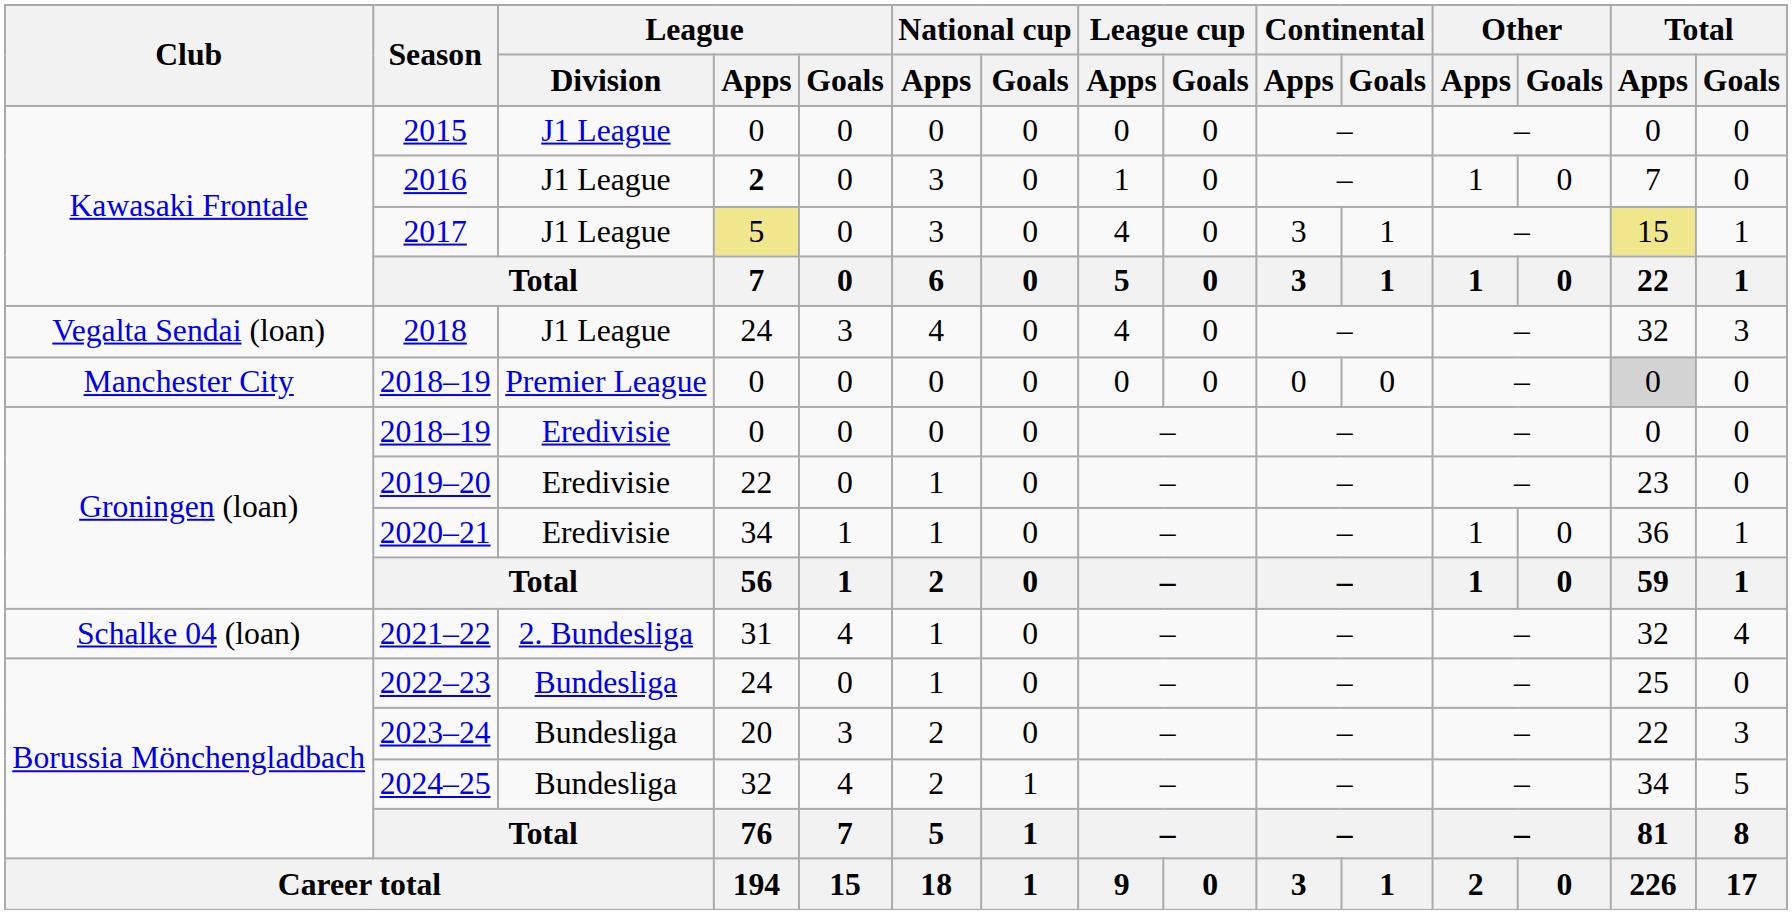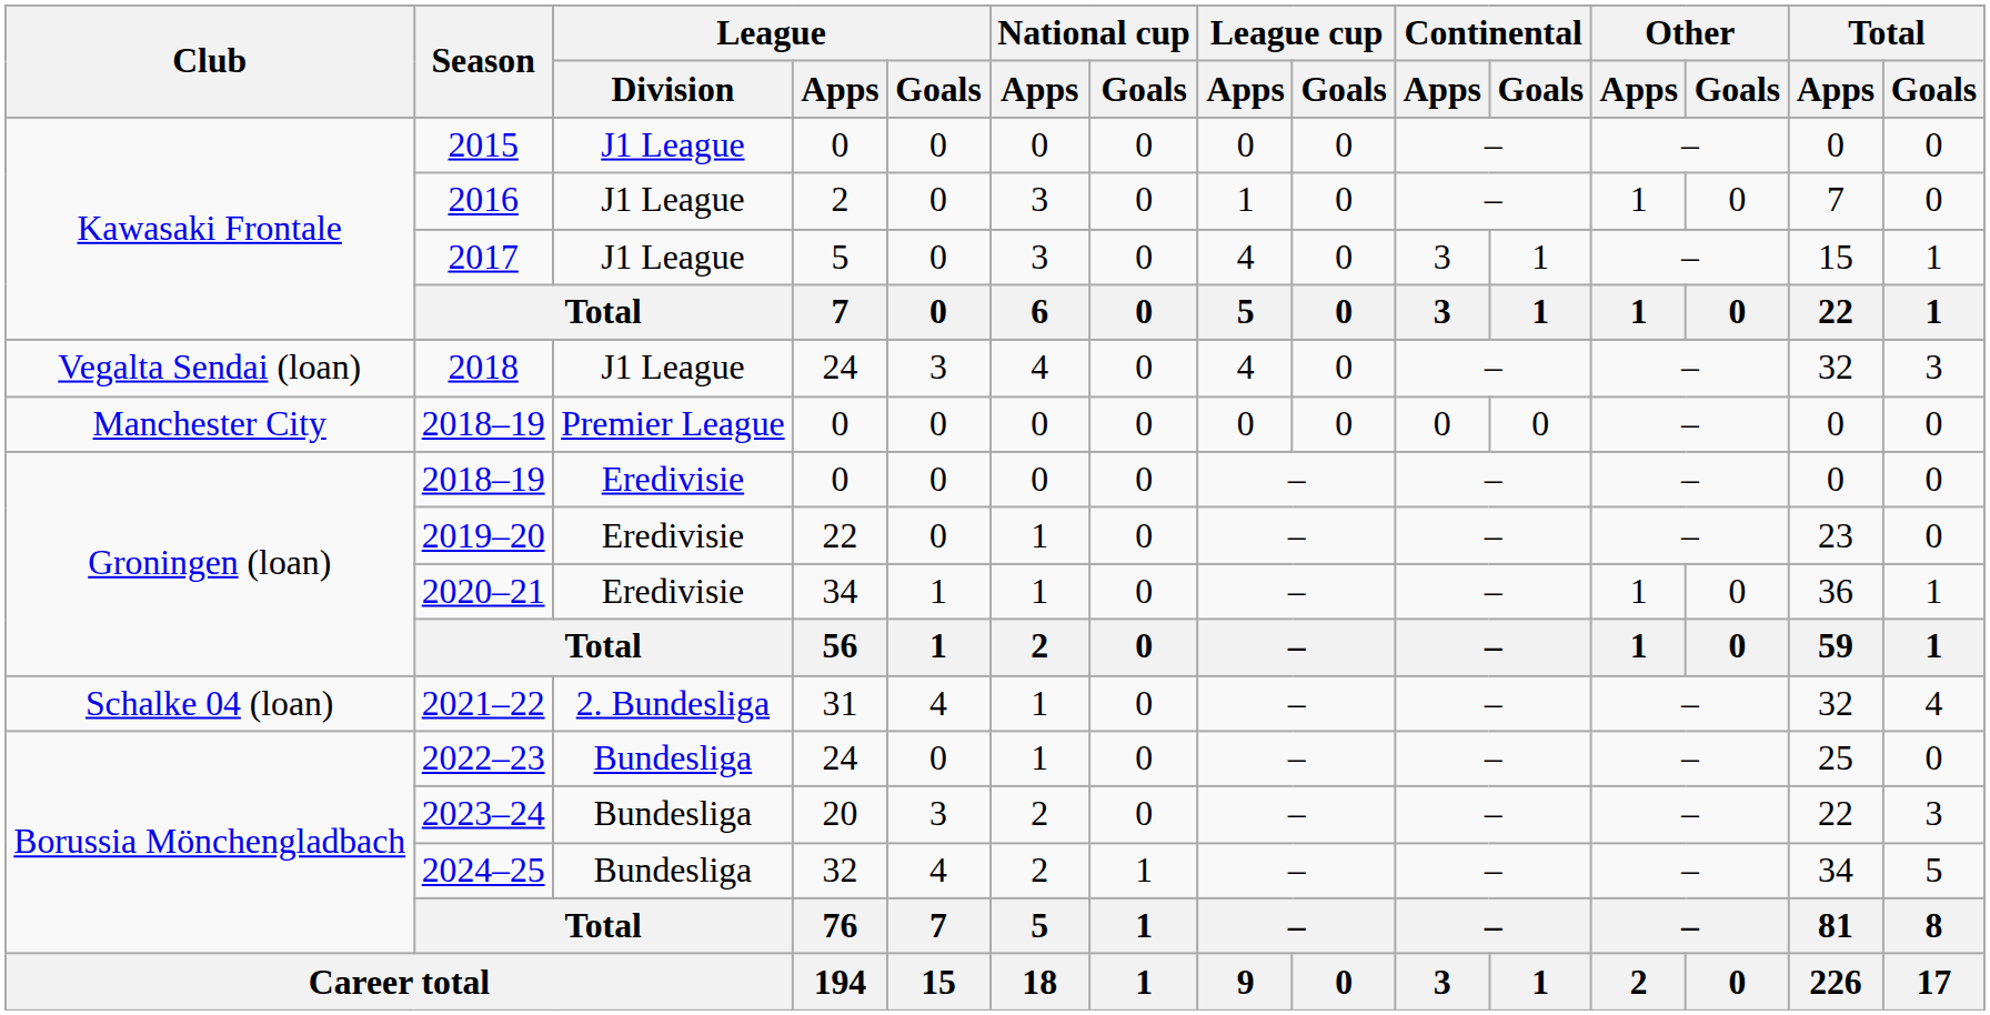 <table class="wikitable" style="text-align: center;">
 <tr>
 <th rowspan=2>Club</th>
 <th rowspan=2>Season</th>
 <th colspan=3>League</th>
 <th colspan=2>National cup</th>
 <th colspan=2>League cup</th>
 <th colspan=2>Continental</th>
 <th colspan=2>Other</th>
 <th colspan=2>Total</th>
 </tr>
 <tr>
 <th>Division</th>
 <th>Apps</th>
 <th>Goals</th>
 <th>Apps</th>
 <th>Goals</th>
 <th>Apps</th>
 <th>Goals</th>
 <th>Apps</th>
 <th>Goals</th>
 <th>Apps</th>
 <th>Goals</th>
 <th>Apps</th>
 <th>Goals</th>
 </tr>
 <tr>
 <td rowspan="4"><a href='#'>Kawasaki Frontale</a></td>
 <td><a href='#'>2015</a></td>
 <td><a href='#'>J1 League</a></td>
 <td>0</td>
 <td>0</td>
 <td>0</td>
 <td>0</td>
 <td>0</td>
 <td>0</td>
 <td colspan=2>–</td>
 <td colspan=2>–</td>
 <td>0</td>
 <td>0</td>
 </tr>
 <tr>
 <td><a href='#'>2016</a></td>
 <td>J1 League</td>
-<td><strong>2</strong></td>
+<td>2</td>
 <td>0</td>
 <td>3</td>
 <td>0</td>
 <td>1</td>
 <td>0</td>
 <td colspan=2>–</td>
 <td>1</td>
 <td>0</td>
 <td>7</td>
 <td>0</td>
 </tr>
 <tr>
 <td><a href='#'>2017</a></td>
 <td>J1 League</td>
-<td style="background: khaki;">5</td>
+<td>5</td>
 <td>0</td>
 <td>3</td>
 <td>0</td>
 <td>4</td>
 <td>0</td>
 <td>3</td>
 <td>1</td>
 <td colspan=2>–</td>
-<td style="background: khaki;">15</td>
+<td>15</td>
 <td>1</td>
 </tr>
 <tr>
 <th colspan=2>Total</th>
 <th>7</th>
 <th>0</th>
 <th>6</th>
 <th>0</th>
 <th>5</th>
 <th>0</th>
 <th>3</th>
 <th>1</th>
 <th>1</th>
 <th>0</th>
 <th>22</th>
 <th>1</th>
 </tr>
 <tr>
 <td><a href='#'>Vegalta Sendai</a> (loan)</td>
 <td><a href='#'>2018</a></td>
 <td>J1 League</td>
 <td>24</td>
 <td>3</td>
 <td>4</td>
 <td>0</td>
 <td>4</td>
 <td>0</td>
 <td colspan=2>–</td>
 <td colspan=2>–</td>
 <td>32</td>
 <td>3</td>
 </tr>
 <tr>
 <td><a href='#'>Manchester City</a></td>
 <td><a href='#'>2018–19</a></td>
 <td><a href='#'>Premier League</a></td>
 <td>0</td>
 <td>0</td>
 <td>0</td>
 <td>0</td>
 <td>0</td>
 <td>0</td>
 <td>0</td>
 <td>0</td>
 <td colspan=2>–</td>
-<td style="background: lightgrey;">0</td>
+<td>0</td>
 <td>0</td>
 </tr>
 <tr>
 <td rowspan="4"><a href='#'>Groningen</a> (loan)</td>
 <td><a href='#'>2018–19</a></td>
 <td><a href='#'>Eredivisie</a></td>
 <td>0</td>
 <td>0</td>
 <td>0</td>
 <td>0</td>
 <td colspan=2>–</td>
 <td colspan=2>–</td>
 <td colspan=2>–</td>
 <td>0</td>
 <td>0</td>
 </tr>
 <tr>
 <td><a href='#'>2019–20</a></td>
 <td>Eredivisie</td>
 <td>22</td>
 <td>0</td>
 <td>1</td>
 <td>0</td>
 <td colspan=2>–</td>
 <td colspan=2>–</td>
 <td colspan=2>–</td>
 <td>23</td>
 <td>0</td>
 </tr>
 <tr>
 <td><a href='#'>2020–21</a></td>
 <td>Eredivisie</td>
 <td>34</td>
 <td>1</td>
 <td>1</td>
 <td>0</td>
 <td colspan=2>–</td>
 <td colspan=2>–</td>
 <td>1</td>
 <td>0</td>
 <td>36</td>
 <td>1</td>
 </tr>
 <tr>
 <th colspan=2>Total</th>
 <th>56</th>
 <th>1</th>
 <th>2</th>
 <th>0</th>
 <th colspan=2>–</th>
 <th colspan=2>–</th>
 <th>1</th>
 <th>0</th>
 <th>59</th>
 <th>1</th>
 </tr>
 <tr>
 <td><a href='#'>Schalke 04</a> (loan)</td>
 <td><a href='#'>2021–22</a></td>
 <td><a href='#'>2. Bundesliga</a></td>
 <td>31</td>
 <td>4</td>
 <td>1</td>
 <td>0</td>
 <td colspan=2>–</td>
 <td colspan=2>–</td>
 <td colspan=2>–</td>
 <td>32</td>
 <td>4</td>
 </tr>
 <tr>
 <td rowspan="4"><a href='#'>Borussia Mönchengladbach</a></td>
 <td><a href='#'>2022–23</a></td>
 <td><a href='#'>Bundesliga</a></td>
 <td>24</td>
 <td>0</td>
 <td>1</td>
 <td>0</td>
 <td colspan=2>–</td>
 <td colspan=2>–</td>
 <td colspan=2>–</td>
 <td>25</td>
 <td>0</td>
 </tr>
 <tr>
 <td><a href='#'>2023–24</a></td>
 <td>Bundesliga</td>
 <td>20</td>
 <td>3</td>
 <td>2</td>
 <td>0</td>
 <td colspan=2>–</td>
 <td colspan=2>–</td>
 <td colspan=2>–</td>
 <td>22</td>
 <td>3</td>
 </tr>
 <tr>
 <td><a href='#'>2024–25</a></td>
 <td>Bundesliga</td>
 <td>32</td>
 <td>4</td>
 <td>2</td>
 <td>1</td>
 <td colspan="2">–</td>
 <td colspan="2">–</td>
 <td colspan="2">–</td>
 <td>34</td>
 <td>5</td>
 </tr>
 <tr>
 <th colspan=2>Total</th>
 <th>76</th>
 <th>7</th>
 <th>5</th>
 <th>1</th>
 <th colspan=2>–</th>
 <th colspan=2>–</th>
 <th colspan=2>–</th>
 <th>81</th>
 <th>8</th>
 </tr>
 <tr>
 <th colspan=3>Career total</th>
 <th>194</th>
 <th>15</th>
 <th>18</th>
 <th>1</th>
 <th>9</th>
 <th>0</th>
 <th>3</th>
 <th>1</th>
 <th>2</th>
 <th>0</th>
 <th>226</th>
 <th>17</th>
 </tr>
 </table>
